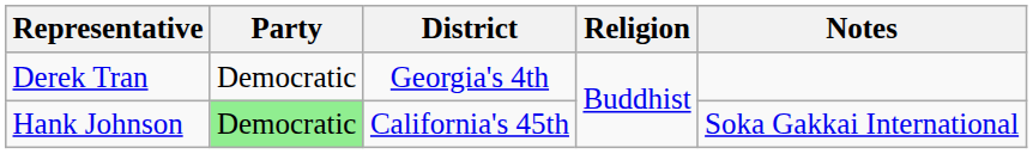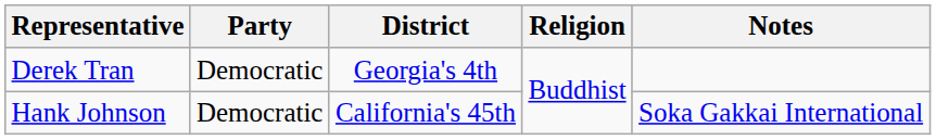 <table class="wikitable sortable" style="text-align:center">
 <tr>
 <th>Representative</th>
 <th>Party</th>
 <th>District</th>
 <th>Religion</th>
 <th>Notes</th>
 </tr>
 <tr>
 <td align=left nowrap> <a href='#'>Derek Tran</a></td>
 <td>Democratic</td>
 <td><a href='#'>Georgia's 4th</a></td>
 <td rowspan="2"><a href='#'>Buddhist</a></td>
 <td></td>
 </tr>
 <tr>
 <td align=left nowrap> <a href='#'>Hank Johnson</a></td>
-<td style="background: lightgreen;">Democratic</td>
+<td>Democratic</td>
 <td><a href='#'>California's 45th</a></td>
 <td><a href='#'>Soka Gakkai International</a></td>
 </tr>
 </table>
